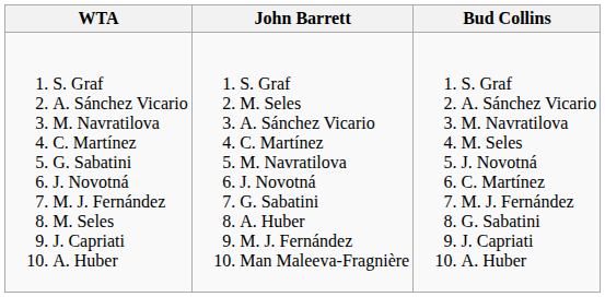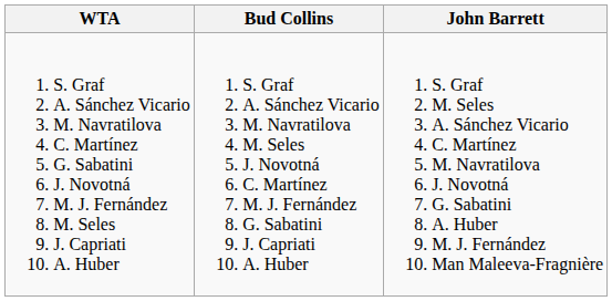 <table class="wikitable">
 <tr>
 <th>WTA</th>
+<th>Bud Collins</th>
 <th>John Barrett</th>
-<th>Bud Collins</th>
 </tr>
 <tr style="vertical-align: top;">
 <td style="white-space: nowrap;"><br><ol><li> S. Graf</li><li> A. Sánchez Vicario</li><li> M. Navratilova</li><li> C. Martínez</li><li> G. Sabatini</li><li> J. Novotná</li><li> M. J. Fernández</li><li> M. Seles</li><li> J. Capriati</li><li> A. Huber</li></ol></td>
+<td style="white-space: nowrap;"><br><ol><li> S. Graf</li><li> A. Sánchez Vicario</li><li> M. Navratilova</li><li> M. Seles</li><li> J. Novotná</li><li> C. Martínez</li><li> M. J. Fernández</li><li> G. Sabatini</li><li> J. Capriati</li><li> A. Huber</li></ol></td>
 <td style="white-space: nowrap;"><br><ol><li> S. Graf</li><li> M. Seles</li><li> A. Sánchez Vicario</li><li> C. Martínez</li><li> M. Navratilova</li><li> J. Novotná</li><li> G. Sabatini</li><li> A. Huber</li><li> M. J. Fernández</li><li> Man Maleeva-Fragnière</li></ol></td>
-<td style="white-space: nowrap;"><br><ol><li> S. Graf</li><li> A. Sánchez Vicario</li><li> M. Navratilova</li><li> M. Seles</li><li> J. Novotná</li><li> C. Martínez</li><li> M. J. Fernández</li><li> G. Sabatini</li><li> J. Capriati</li><li> A. Huber</li></ol></td>
 </tr>
 </table>
